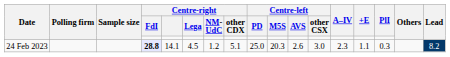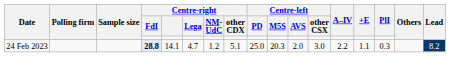 <table class=wikitable style="text-align:center;font-size:85%;line-height:13px">
 <tr>
 <th rowspan="3">Date</th>
 <th rowspan="3">Polling firm</th>
 <th rowspan="3">Sample size</th>
 <th colspan="5"><a href='#'>Centre-right</a></th>
 <th colspan="4"><a href='#'>Centre-left</a></th>
 <th rowspan="2"><a href='#'>A–IV</a></th>
 <th rowspan="2" style="width:27px;"><a href='#'>+E</a></th>
 <th rowspan="2" style="width:27px;"><a href='#'>PlI</a></th>
 <th rowspan="3">Others</th>
 <th rowspan="3">Lead</th>
 </tr>
 <tr>
 <th style="width:27px;"><a href='#'>FdI</a></th>
 <th style="width:27px;"></th>
 <th style="width:27px;"><a href='#'>Lega</a></th>
 <th style="width:27px;"><a href='#'>NM</a>-<a href='#'>UdC</a></th>
 <th style="width:27px;">other CDX</th>
 <th style="width:27px;"><a href='#'>PD</a></th>
 <th style="width:27px;"><a href='#'>M5S</a></th>
 <th style="width:27px;"><a href='#'>AVS</a></th>
 <th style="width:27px;">other CSX</th>
 </tr>
 <tr>
 <td></td>
 <td></td>
 <td></td>
 <td></td>
 <td></td>
 <td></td>
 <td></td>
 <td></td>
 <td></td>
 <td></td>
 <td></td>
 <td></td>
 </tr>
 <tr>
 <td>24 Feb 2023</td>
 <td></td>
 <td></td>
 <td style="background:#E5E7FF;"><strong>28.8</strong></td>
 <td>14.1</td>
-<td>4.5</td>
+<td>4.7</td>
 <td>1.2</td>
 <td>5.1</td>
 <td>25.0</td>
 <td>20.3</td>
-<td>2.6</td>
+<td>2.0</td>
 <td>3.0</td>
-<td>2.3</td>
+<td>2.2</td>
 <td>1.1</td>
 <td>0.3</td>
 <td></td>
 <td style="background:#03386A; color:white;">8.2</td>
 </tr>
 </table>
